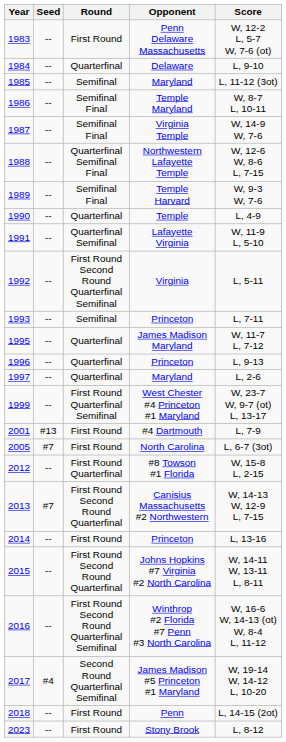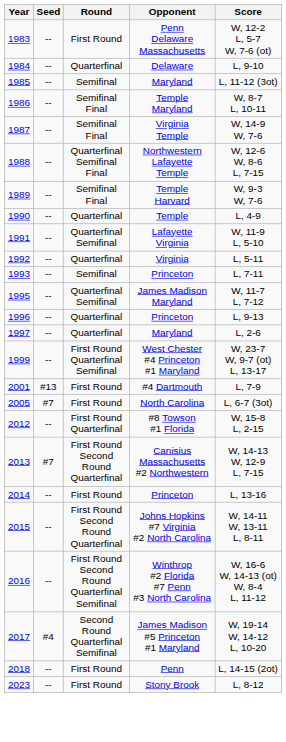 <table class="wikitable">
 <tr>
 <th style="width:40px; ">Year</th>
 <th style="width:40px; ">Seed</th>
 <th style="width:100px; ">Round</th>
 <th style="width:130px; ">Opponent</th>
 <th style="width:100px; ">Score</th>
 </tr>
 <tr align="center">
 <td><a href='#'>1983</a></td>
 <td>--</td>
 <td>First Round</td>
 <td><a href='#'>Penn</a><br><a href='#'>Delaware</a><br><a href='#'>Massachusetts</a></td>
 <td>W, 12-2<br>L, 5-7<br>W, 7-6 (ot)</td>
 </tr>
 <tr align="center">
 <td><a href='#'>1984</a></td>
 <td>--</td>
 <td>Quarterfinal</td>
 <td><a href='#'>Delaware</a></td>
 <td>L, 9-10</td>
 </tr>
 <tr align="center">
 <td><a href='#'>1985</a></td>
 <td>--</td>
 <td>Semifinal</td>
 <td><a href='#'>Maryland</a></td>
 <td>L, 11-12 (3ot)</td>
 </tr>
 <tr align="center">
 <td><a href='#'>1986</a></td>
 <td>--</td>
 <td>Semifinal<br>Final</td>
 <td><a href='#'>Temple</a><br><a href='#'>Maryland</a></td>
 <td>W, 8-7<br>L, 10-11</td>
 </tr>
 <tr align="center">
 <td><a href='#'>1987</a></td>
 <td>--</td>
 <td>Semifinal<br>Final</td>
 <td><a href='#'>Virginia</a><br><a href='#'>Temple</a></td>
 <td>W, 14-9<br>W, 7-6</td>
 </tr>
 <tr align="center">
 <td><a href='#'>1988</a></td>
 <td>--</td>
 <td>Quarterfinal<br>Semifinal<br>Final</td>
 <td><a href='#'>Northwestern</a><br><a href='#'>Lafayette</a><br><a href='#'>Temple</a></td>
 <td>W, 12-6<br>W, 8-6<br>L, 7-15</td>
 </tr>
 <tr align="center">
 <td><a href='#'>1989</a></td>
 <td>--</td>
 <td>Semifinal<br>Final</td>
 <td><a href='#'>Temple</a><br><a href='#'>Harvard</a></td>
 <td>W, 9-3<br>W, 7-6</td>
 </tr>
 <tr align="center">
 <td><a href='#'>1990</a></td>
 <td>--</td>
 <td>Quarterfinal</td>
 <td><a href='#'>Temple</a></td>
 <td>L, 4-9</td>
 </tr>
 <tr align="center">
 <td><a href='#'>1991</a></td>
 <td>--</td>
 <td>Quarterfinal<br>Semifinal</td>
 <td><a href='#'>Lafayette</a><br><a href='#'>Virginia</a></td>
 <td>W, 11-9<br>L, 5-10</td>
 </tr>
 <tr align="center">
 <td><a href='#'>1992</a></td>
 <td>--</td>
-<td>First Round<br>Second Round<br>Quarterfinal<br>Semifinal</td>
+<td>Quarterfinal</td>
 <td><a href='#'>Virginia</a></td>
 <td>L, 5-11</td>
 </tr>
 <tr align="center">
 <td><a href='#'>1993</a></td>
 <td>--</td>
 <td>Semifinal</td>
 <td><a href='#'>Princeton</a></td>
 <td>L, 7-11</td>
 </tr>
 <tr align="center">
 <td><a href='#'>1995</a></td>
 <td>--</td>
-<td>Quarterfinal</td>
+<td>Quarterfinal<br>Semifinal</td>
 <td><a href='#'>James Madison</a><br><a href='#'>Maryland</a></td>
 <td>W, 11-7<br>L, 7-12</td>
 </tr>
 <tr align="center">
 <td><a href='#'>1996</a></td>
 <td>--</td>
 <td>Quarterfinal</td>
 <td><a href='#'>Princeton</a></td>
 <td>L, 9-13</td>
 </tr>
 <tr align="center">
 <td><a href='#'>1997</a></td>
 <td>--</td>
 <td>Quarterfinal</td>
 <td><a href='#'>Maryland</a></td>
 <td>L, 2-6</td>
 </tr>
 <tr align="center">
 <td><a href='#'>1999</a></td>
 <td>--</td>
 <td>First Round<br>Quarterfinal<br>Semifinal</td>
 <td><a href='#'>West Chester</a><br>#4 <a href='#'>Princeton</a><br>#1 <a href='#'>Maryland</a></td>
 <td>W, 23-7<br>W, 9-7 (ot)<br>L, 13-17</td>
 </tr>
 <tr align="center">
 <td><a href='#'>2001</a></td>
 <td>#13</td>
 <td>First Round</td>
 <td>#4 <a href='#'>Dartmouth</a></td>
 <td>L, 7-9</td>
 </tr>
 <tr align="center">
 <td><a href='#'>2005</a></td>
 <td>#7</td>
 <td>First Round</td>
 <td><a href='#'>North Carolina</a></td>
 <td>L, 6-7 (3ot)</td>
 </tr>
 <tr align="center">
 <td><a href='#'>2012</a></td>
 <td>--</td>
 <td>First Round<br>Quarterfinal</td>
 <td>#8 <a href='#'>Towson</a><br>#1 <a href='#'>Florida</a></td>
 <td>W, 15-8<br>L, 2-15</td>
 </tr>
 <tr align="center">
 <td><a href='#'>2013</a></td>
 <td>#7</td>
 <td>First Round<br>Second Round<br>Quarterfinal</td>
 <td><a href='#'>Canisius</a><br><a href='#'>Massachusetts</a><br>#2 <a href='#'>Northwestern</a></td>
 <td>W, 14-13<br>W, 12-9<br>L, 7-15</td>
 </tr>
 <tr align="center">
 <td><a href='#'>2014</a></td>
 <td>--</td>
 <td>First Round</td>
 <td><a href='#'>Princeton</a></td>
 <td>L, 13-16</td>
 </tr>
 <tr align="center">
 <td><a href='#'>2015</a></td>
 <td>--</td>
 <td>First Round<br>Second Round<br>Quarterfinal</td>
 <td><a href='#'>Johns Hopkins</a><br>#7 <a href='#'>Virginia</a><br>#2 <a href='#'>North Carolina</a></td>
 <td>W, 14-11<br>W, 13-11<br>L, 8-11</td>
 </tr>
 <tr align="center">
 <td><a href='#'>2016</a></td>
 <td>--</td>
 <td>First Round<br>Second Round<br>Quarterfinal<br>Semifinal</td>
 <td><a href='#'>Winthrop</a><br>#2 <a href='#'>Florida</a><br>#7 <a href='#'>Penn</a><br>#3 <a href='#'>North Carolina</a></td>
 <td>W, 16-6<br>W, 14-13 (ot)<br>W, 8-4<br>L, 11-12</td>
 </tr>
 <tr align="center">
 <td><a href='#'>2017</a></td>
 <td>#4</td>
 <td>Second Round<br>Quarterfinal<br>Semifinal</td>
 <td><a href='#'>James Madison</a><br>#5 <a href='#'>Princeton</a><br>#1 <a href='#'>Maryland</a></td>
 <td>W, 19-14<br>W, 14-12<br>L, 10-20</td>
 </tr>
 <tr align="center">
 <td><a href='#'>2018</a></td>
 <td>--</td>
 <td>First Round</td>
 <td><a href='#'>Penn</a></td>
 <td>L, 14-15 (2ot)</td>
 </tr>
 <tr align="center">
 <td><a href='#'>2023</a></td>
 <td>--</td>
 <td>First Round</td>
 <td><a href='#'>Stony Brook</a></td>
 <td>L, 8-12</td>
 </tr>
 </table>
